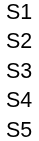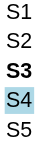 <table>
 <tr>
 <td>S1 </td>
 <td></td>
 <td></td>
 <td></td>
 </tr>
 <tr>
 <td>S2</td>
 <td></td>
 <td></td>
 <td></td>
 </tr>
 <tr>
-<td>S3</td>
+<td><strong>S3</strong></td>
 <td></td>
 <td></td>
 <td></td>
 </tr>
 <tr>
-<td>S4</td>
+<td style="background: lightblue;">S4</td>
 <td></td>
 <td></td>
 <td></td>
 </tr>
 <tr>
 <td>S5</td>
 <td></td>
 <td></td>
 <td></td>
 </tr>
 </table>
